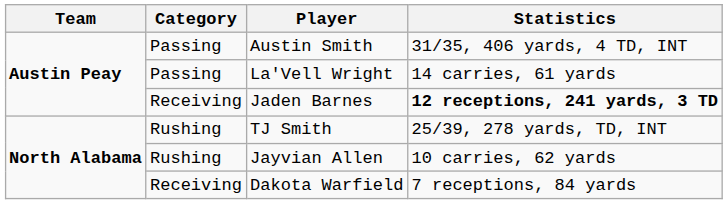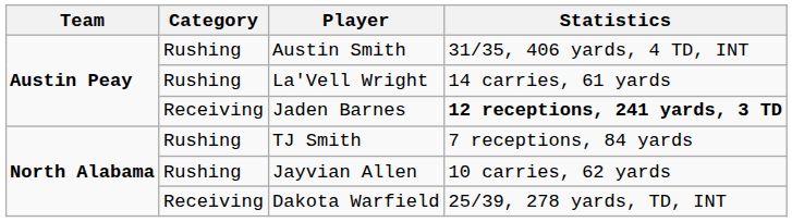 <table class="wikitable" style="float: right;">
 <tr>
 <th>Team</th>
 <th>Category</th>
 <th>Player</th>
 <th>Statistics</th>
 </tr>
 <tr>
 <td rowspan=3><strong>Austin Peay</strong></td>
-<td>Passing</td>
+<td>Rushing</td>
 <td>Austin Smith</td>
 <td>31/35, 406 yards, 4 TD, INT</td>
 </tr>
 <tr>
-<td>Passing</td>
+<td>Rushing</td>
 <td>La'Vell Wright</td>
 <td>14 carries, 61 yards</td>
 </tr>
 <tr>
 <td>Receiving</td>
 <td>Jaden Barnes</td>
 <td><strong>12 receptions, 241 yards, 3 TD</strong></td>
 </tr>
 <tr>
 <td rowspan=3><strong>North Alabama</strong></td>
 <td>Rushing</td>
 <td>TJ Smith</td>
-<td>25/39, 278 yards, TD, INT</td>
+<td>7 receptions, 84 yards</td>
 </tr>
 <tr>
 <td>Rushing</td>
 <td>Jayvian Allen</td>
 <td>10 carries, 62 yards</td>
 </tr>
 <tr>
 <td>Receiving</td>
 <td>Dakota Warfield</td>
-<td>7 receptions, 84 yards</td>
+<td>25/39, 278 yards, TD, INT</td>
 </tr>
 </table>
